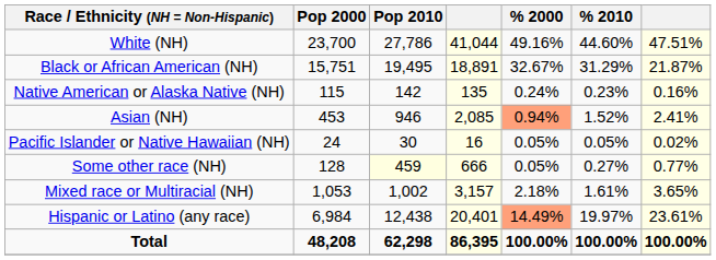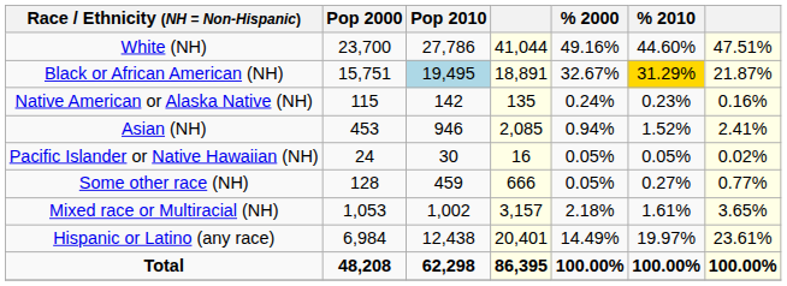 <table class="wikitable" style="text-align:center;">
 <tr>
 <th>Race / Ethnicity <small>(<em>NH = Non-Hispanic</em>)</small></th>
 <th>Pop 2000</th>
 <th>Pop 2010</th>
 <th></th>
 <th>% 2000</th>
 <th>% 2010</th>
 <th></th>
 </tr>
 <tr>
 <td><a href='#'>White</a> (NH)</td>
 <td>23,700</td>
 <td>27,786</td>
 <td style='background: #ffffe6;'>41,044</td>
 <td>49.16%</td>
 <td>44.60%</td>
 <td style='background: #ffffe6;'>47.51%</td>
 </tr>
 <tr>
 <td><a href='#'>Black or African American</a> (NH)</td>
 <td>15,751</td>
-<td>19,495</td>
+<td style="background: lightblue;">19,495</td>
 <td style='background: #ffffe6;'>18,891</td>
 <td>32.67%</td>
-<td>31.29%</td>
+<td style="background: gold;">31.29%</td>
 <td style='background: #ffffe6;'>21.87%</td>
 </tr>
 <tr>
 <td><a href='#'>Native American</a> or <a href='#'>Alaska Native</a> (NH)</td>
 <td>115</td>
 <td>142</td>
 <td style='background: #ffffe6;'>135</td>
 <td>0.24%</td>
 <td>0.23%</td>
 <td style='background: #ffffe6;'>0.16%</td>
 </tr>
 <tr>
 <td><a href='#'>Asian</a> (NH)</td>
 <td>453</td>
 <td>946</td>
 <td style='background: #ffffe6;'>2,085</td>
-<td style="background: lightsalmon;">0.94%</td>
+<td>0.94%</td>
 <td>1.52%</td>
 <td style='background: #ffffe6;'>2.41%</td>
 </tr>
 <tr>
 <td><a href='#'>Pacific Islander</a> or <a href='#'>Native Hawaiian</a> (NH)</td>
 <td>24</td>
 <td>30</td>
 <td style='background: #ffffe6;'>16</td>
 <td>0.05%</td>
 <td>0.05%</td>
 <td style='background: #ffffe6;'>0.02%</td>
 </tr>
 <tr>
 <td><a href='#'>Some other race</a> (NH)</td>
 <td>128</td>
-<td style="background: lightyellow;">459</td>
+<td>459</td>
 <td style='background: #ffffe6;'>666</td>
 <td>0.05%</td>
 <td>0.27%</td>
 <td style='background: #ffffe6;'>0.77%</td>
 </tr>
 <tr>
 <td><a href='#'>Mixed race or Multiracial</a> (NH)</td>
 <td>1,053</td>
 <td>1,002</td>
 <td style='background: #ffffe6;'>3,157</td>
 <td>2.18%</td>
 <td>1.61%</td>
 <td style='background: #ffffe6;'>3.65%</td>
 </tr>
 <tr>
 <td><a href='#'>Hispanic or Latino</a> (any race)</td>
 <td>6,984</td>
 <td>12,438</td>
 <td style='background: #ffffe6;'>20,401</td>
-<td style="background: lightsalmon;">14.49%</td>
+<td>14.49%</td>
 <td>19.97%</td>
 <td style='background: #ffffe6;'>23.61%</td>
 </tr>
 <tr>
 <td><strong>Total</strong></td>
 <td><strong>48,208</strong></td>
 <td><strong>62,298</strong></td>
 <td style='background: #ffffe6;'><strong>86,395</strong></td>
 <td><strong>100.00%</strong></td>
 <td><strong>100.00%</strong></td>
 <td style='background: #ffffe6;'><strong>100.00%</strong></td>
 </tr>
 <tr>
 </tr>
 </table>
